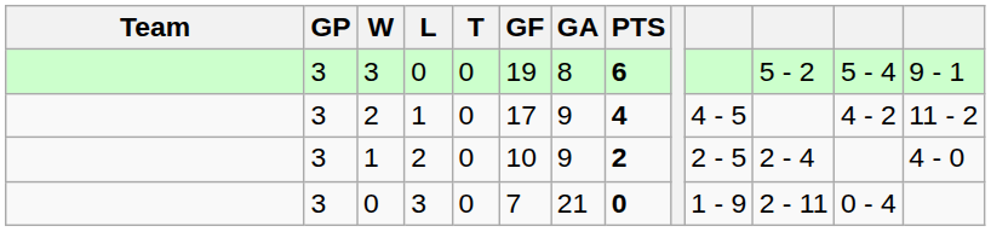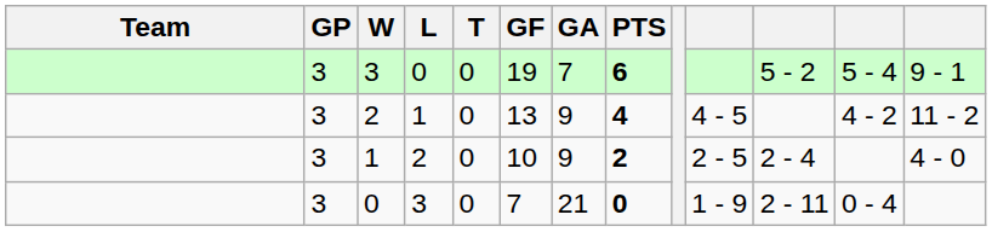 <table class="wikitable">
 <tr>
 <th width=165>Team</th>
 <th width=20>GP</th>
 <th width=20>W</th>
 <th width=20>L</th>
 <th width=20>T</th>
 <th width=20>GF</th>
 <th width=20>GA</th>
 <th width=20>PTS</th>
 <th rowspan=10></th>
 <th></th>
 <th></th>
 <th></th>
 <th></th>
 </tr>
 <tr bgcolor="#ccffcc">
 <td style="text-align:left;"></td>
 <td>3</td>
 <td>3</td>
 <td>0</td>
 <td>0</td>
 <td>19</td>
-<td>8</td>
+<td>7</td>
 <td><strong>6</strong></td>
 <td></td>
 <td>5 - 2</td>
 <td>5 - 4</td>
 <td>9 - 1</td>
 </tr>
 <tr>
 <td style="text-align:left;"></td>
 <td>3</td>
 <td>2</td>
 <td>1</td>
 <td>0</td>
-<td>17</td>
+<td>13</td>
 <td>9</td>
 <td><strong>4</strong></td>
 <td>4 - 5</td>
 <td></td>
 <td>4 - 2</td>
 <td>11 - 2</td>
 </tr>
 <tr>
 <td style="text-align:left;"></td>
 <td>3</td>
 <td>1</td>
 <td>2</td>
 <td>0</td>
 <td>10</td>
 <td>9</td>
 <td><strong>2</strong></td>
 <td>2 - 5</td>
 <td>2 - 4</td>
 <td></td>
 <td>4 - 0</td>
 </tr>
 <tr>
 <td style="text-align:left;"></td>
 <td>3</td>
 <td>0</td>
 <td>3</td>
 <td>0</td>
 <td>7</td>
 <td>21</td>
 <td><strong>0</strong></td>
 <td>1 - 9</td>
 <td>2 - 11</td>
 <td>0 - 4</td>
 <td></td>
 </tr>
 </table>
